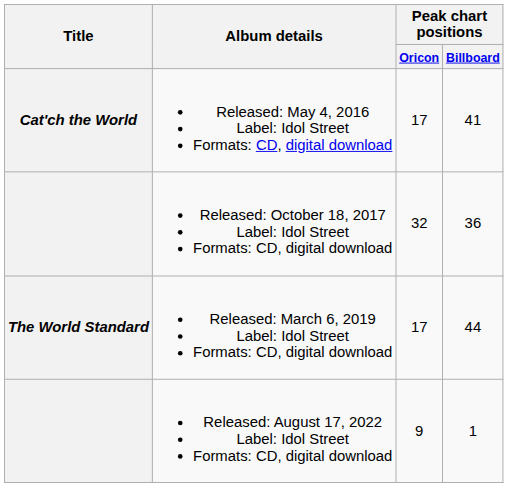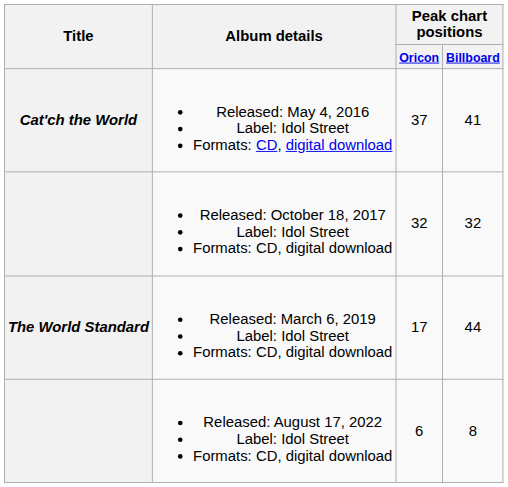 <table class="wikitable plainrowheaders" style="text-align:center;">
 <tr>
 <th scope="col" rowspan="2">Title</th>
 <th scope="col" rowspan="2">Album details</th>
 <th scope="col" colspan="2">Peak chart positions</th>
 </tr>
 <tr>
 <th scope="col" style="width:2.5em;"><small><a href='#'>Oricon</a></small></th>
 <th scope="col" style="width:2.5em;"><small><a href='#'>Billboard</a></small></th>
 </tr>
 <tr>
 <th scope="row"><em>Cat'ch the World</em></th>
 <td><br><ul><li>Released: May 4, 2016</li><li>Label: Idol Street</li><li>Formats: <a href='#'>CD</a>, <a href='#'>digital download</a></li></ul></td>
-<td>17</td>
+<td>37</td>
 <td>41</td>
 </tr>
 <tr>
 <th scope="row"></th>
 <td><br><ul><li>Released: October 18, 2017</li><li>Label: Idol Street</li><li>Formats: CD, digital download</li></ul></td>
 <td>32</td>
-<td>36</td>
+<td>32</td>
 </tr>
 <tr>
 <th scope="row"><em>The World Standard</em></th>
 <td><br><ul><li>Released: March 6, 2019</li><li>Label: Idol Street</li><li>Formats: CD, digital download</li></ul></td>
 <td>17</td>
 <td>44</td>
 </tr>
 <tr>
 <th scope="row"></th>
 <td><br><ul><li>Released: August 17, 2022</li><li>Label: Idol Street</li><li>Formats: CD, digital download</li></ul></td>
-<td>9</td>
-<td>1</td>
+<td>6</td>
+<td>8</td>
 </tr>
 </table>
